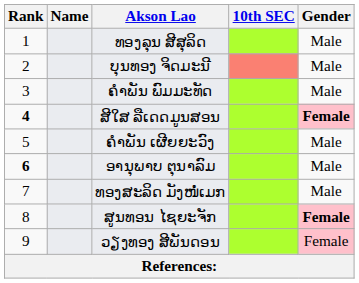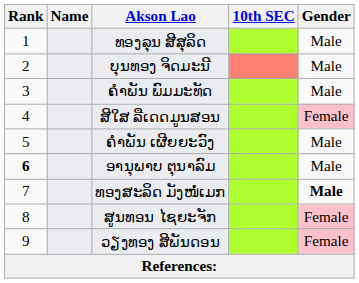 <table class="wikitable sortable" style=text-align:center>
 <tr>
 <th>Rank</th>
 <th>Name</th>
 <th class="unsortable"><a href='#'>Akson Lao</a></th>
 <th unsortable><a href='#'>10th SEC</a></th>
 <th>Gender</th>
 </tr>
 <tr>
 <td>1</td>
 <td bgcolor = #EAECF0></td>
 <td bgcolor = #EAECF0>ທອງລຸນ ສີສຸລິດ</td>
 <td bgcolor = GreenYellow></td>
 <td>Male</td>
 </tr>
 <tr>
 <td>2</td>
 <td bgcolor = #EAECF0></td>
 <td bgcolor = #EAECF0>ບຸນທອງ ຈິດມະນີ</td>
 <td bgcolor = Salmon></td>
 <td>Male</td>
 </tr>
 <tr>
 <td>3</td>
 <td bgcolor = #EAECF0></td>
 <td bgcolor = #EAECF0>ຄໍາພັນ ພົມມະທັດ</td>
 <td bgcolor = GreenYellow></td>
 <td>Male</td>
 </tr>
 <tr>
-<td><strong>4</strong></td>
+<td>4</td>
 <td bgcolor = #EAECF0></td>
 <td bgcolor = #EAECF0>ສີໃສ ລືເດດມູນສອນ</td>
 <td bgcolor = GreenYellow></td>
-<td bgcolor = Pink><strong>Female</strong></td>
+<td bgcolor = Pink>Female</td>
 </tr>
 <tr>
 <td>5</td>
 <td bgcolor = #EAECF0></td>
 <td bgcolor = #EAECF0>ຄໍາພັນ ເຜີຍຍະວົງ</td>
 <td bgcolor = GreenYellow></td>
 <td>Male</td>
 </tr>
 <tr>
 <td><strong>6</strong></td>
 <td bgcolor = #EAECF0></td>
 <td bgcolor = #EAECF0>ອານຸພາບ ຕຸນາລົມ</td>
 <td bgcolor = GreenYellow></td>
 <td>Male</td>
 </tr>
 <tr>
 <td>7</td>
 <td bgcolor = #EAECF0></td>
 <td bgcolor = #EAECF0>ທອງສະລິດ ມັງໜໍ່ເມກ</td>
 <td bgcolor = GreenYellow></td>
-<td>Male</td>
+<td><strong>Male</strong></td>
 </tr>
 <tr>
 <td>8</td>
 <td bgcolor = #EAECF0></td>
 <td bgcolor = #EAECF0>ສູນທອນ ໄຊຍະຈັກ</td>
 <td bgcolor = GreenYellow></td>
-<td bgcolor = Pink><strong>Female</strong></td>
+<td bgcolor = Pink>Female</td>
 </tr>
 <tr>
 <td>9</td>
 <td bgcolor = #EAECF0></td>
 <td bgcolor = #EAECF0>ວຽງທອງ ສີພັນດອນ</td>
 <td bgcolor = GreenYellow></td>
 <td bgcolor = Pink>Female</td>
 </tr>
 <tr class=sortbottom>
 <th colspan = "23" align = left><strong>References:</strong><br></th>
 </tr>
 </table>
